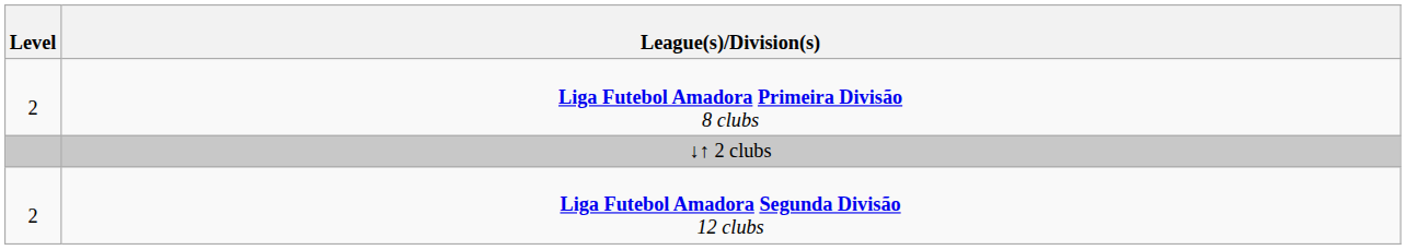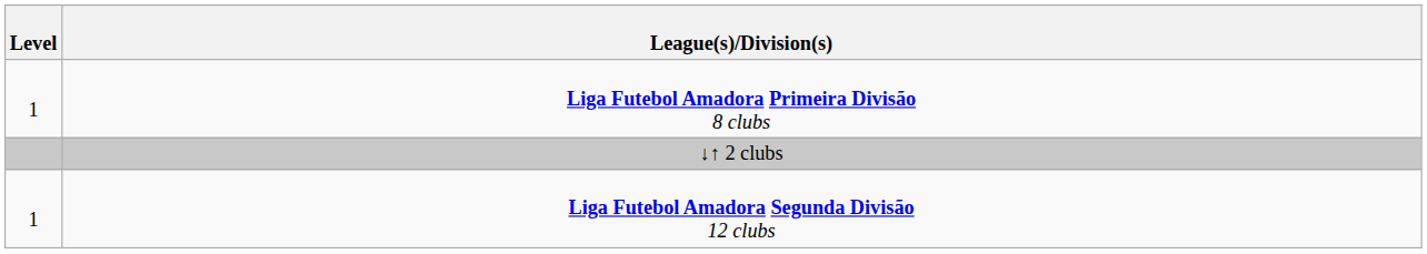 <table class="wikitable" style="text-align: center;">
 <tr>
 <th style="width:4%;"><br>Level</th>
 <th colspan="12" style="width:96%;"><br>League(s)/Division(s)</th>
 </tr>
 <tr>
-<td style="width:4%;"><br>2</td>
+<td style="width:4%;"><br>1</td>
 <td colspan="12" style="width:96%;"><br><strong><a href='#'>Liga Futebol Amadora</a> <a href='#'>Primeira Divisão</a></strong><br> <em>8 clubs</em></td>
 </tr>
 <tr style="background:#c8c8c8">
 <td style="width:4%;"></td>
 <td colspan="9" style="width:96%;">↓↑ 2 clubs</td>
 </tr>
 <tr>
-<td style="width:4%;"><br>2</td>
+<td style="width:4%;"><br>1</td>
 <td colspan="12" style="width:96%;"><br><strong><a href='#'>Liga Futebol Amadora</a> <a href='#'>Segunda Divisão</a></strong><br> <em>12 clubs</em></td>
 </tr>
 </table>
